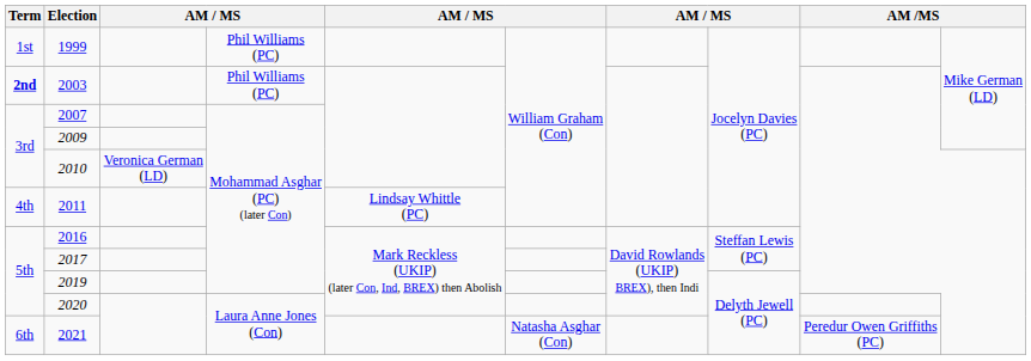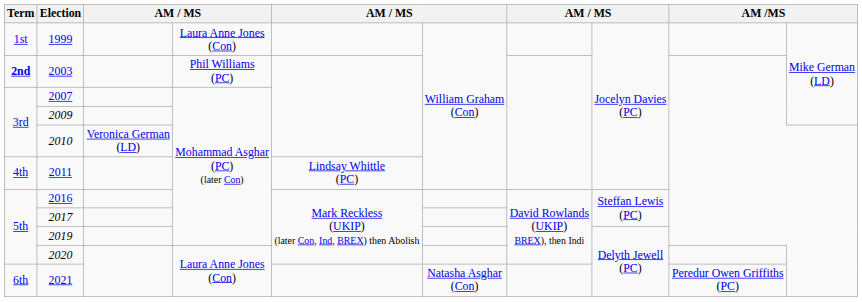 <table class="wikitable" style="text-align:center">
 <tr>
 <th>Term</th>
 <th>Election</th>
 <th colspan="2">AM / MS</th>
 <th colspan="2">AM / MS</th>
 <th colspan="2">AM / MS</th>
 <th colspan="2">AM /MS</th>
 </tr>
 <tr>
 <td><a href='#'>1st</a></td>
 <td><a href='#'>1999</a></td>
 <td style="color:inherit;background:"></td>
-<td><a href='#'>Phil Williams</a><br>(<a href='#'>PC</a>)</td>
+<td><a href='#'>Laura Anne Jones</a><br>(<a href='#'>Con</a>)</td>
 <td></td>
 <td rowspan="6"><a href='#'>William Graham</a><br>(<a href='#'>Con</a>)</td>
 <td></td>
 <td rowspan="6"><a href='#'>Jocelyn Davies</a><br>(<a href='#'>PC</a>)</td>
 <td></td>
 <td rowspan="4"><a href='#'>Mike German</a><br>(<a href='#'>LD</a>)</td>
 </tr>
 <tr>
 <td><strong><a href='#'>2nd</a></strong></td>
 <td><a href='#'>2003</a></td>
 <td style="color:inherit;background:"></td>
 <td><a href='#'>Phil Williams</a><br>(<a href='#'>PC</a>)</td>
 </tr>
 <tr>
 <td rowspan="3"><a href='#'>3rd</a></td>
 <td><a href='#'>2007</a></td>
 <td style="color:inherit;background:"></td>
 <td rowspan="7"><a href='#'>Mohammad Asghar</a><br>(<a href='#'>PC</a>)<br><small>(later <a href='#'>Con</a>)</small></td>
 </tr>
 <tr>
 <td><em>2009</em></td>
 <td></td>
 </tr>
 <tr>
 <td><em>2010</em></td>
 <td><a href='#'>Veronica German</a><br>(<a href='#'>LD</a>)</td>
 </tr>
 <tr>
 <td><a href='#'>4th</a></td>
 <td><a href='#'>2011</a></td>
 <td></td>
 <td><a href='#'>Lindsay Whittle</a><br>(<a href='#'>PC</a>)</td>
 </tr>
 <tr>
 <td rowspan="4"><a href='#'>5th</a></td>
 <td><a href='#'>2016</a></td>
 <td style="color:inherit;background:"></td>
 <td rowspan="4"><a href='#'>Mark Reckless</a><br>(<a href='#'>UKIP</a>)<br><small>(later <a href='#'>Con</a>, <a href='#'>Ind</a>, <a href='#'>BREX</a>) then Abolish</small></td>
 <td></td>
 <td rowspan="4"><a href='#'>David Rowlands</a><br>(<a href='#'>UKIP</a>)<br><small><a href='#'>BREX</a>), then Indi</small></td>
 <td rowspan="2"><a href='#'>Steffan Lewis</a><br>(<a href='#'>PC</a>)</td>
 </tr>
 <tr>
 <td><em>2017</em></td>
 <td style="color:inherit;background:"></td>
 </tr>
 <tr>
 <td><em>2019</em></td>
 <td style="color:inherit;background:"></td>
 <td style="color:inherit;background:"></td>
 <td rowspan="3"><a href='#'>Delyth Jewell</a><br>(<a href='#'>PC</a>)</td>
 </tr>
 <tr>
 <td><em>2020</em></td>
 <td rowspan="2" style="color:inherit;background:"></td>
 <td rowspan="2"><a href='#'>Laura Anne Jones</a><br>(<a href='#'>Con</a>)</td>
 <td style="color:inherit;background:"></td>
 <td style="color:inherit;background-color: "></td>
 </tr>
 <tr>
 <td><a href='#'>6th</a></td>
 <td><a href='#'>2021</a></td>
 <td></td>
 <td><a href='#'>Natasha Asghar</a><br>(<a href='#'>Con</a>)</td>
 <td></td>
 <td><a href='#'>Peredur Owen Griffiths</a><br>(<a href='#'>PC</a>)</td>
 </tr>
 </table>
